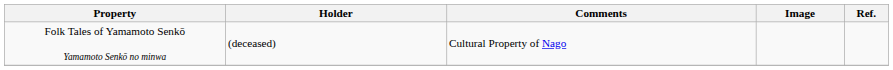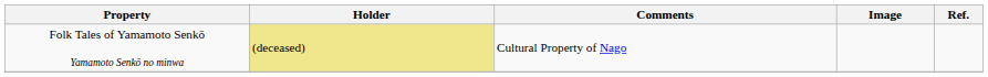 <table class="wikitable sortable"  style="width:100%;">
 <tr>
 <th width="25%" align="left">Property</th>
 <th width="25%" align="left">Holder</th>
 <th width="35%" align="left" class="unsortable">Comments</th>
 <th width="10%" align="left" class="unsortable">Image</th>
 <th width="5%" align="left" class="unsortable">Ref.</th>
 </tr>
 <tr>
 <td align="center">Folk Tales of Yamamoto Senkō<br><br><small><em>Yamamoto Senkō no minwa</em></small></td>
-<td> (deceased)</td>
+<td style="background: khaki;"> (deceased)</td>
 <td>Cultural Property of <a href='#'>Nago</a></td>
 <td></td>
 <td></td>
 </tr>
 <tr>
 </tr>
 </table>
